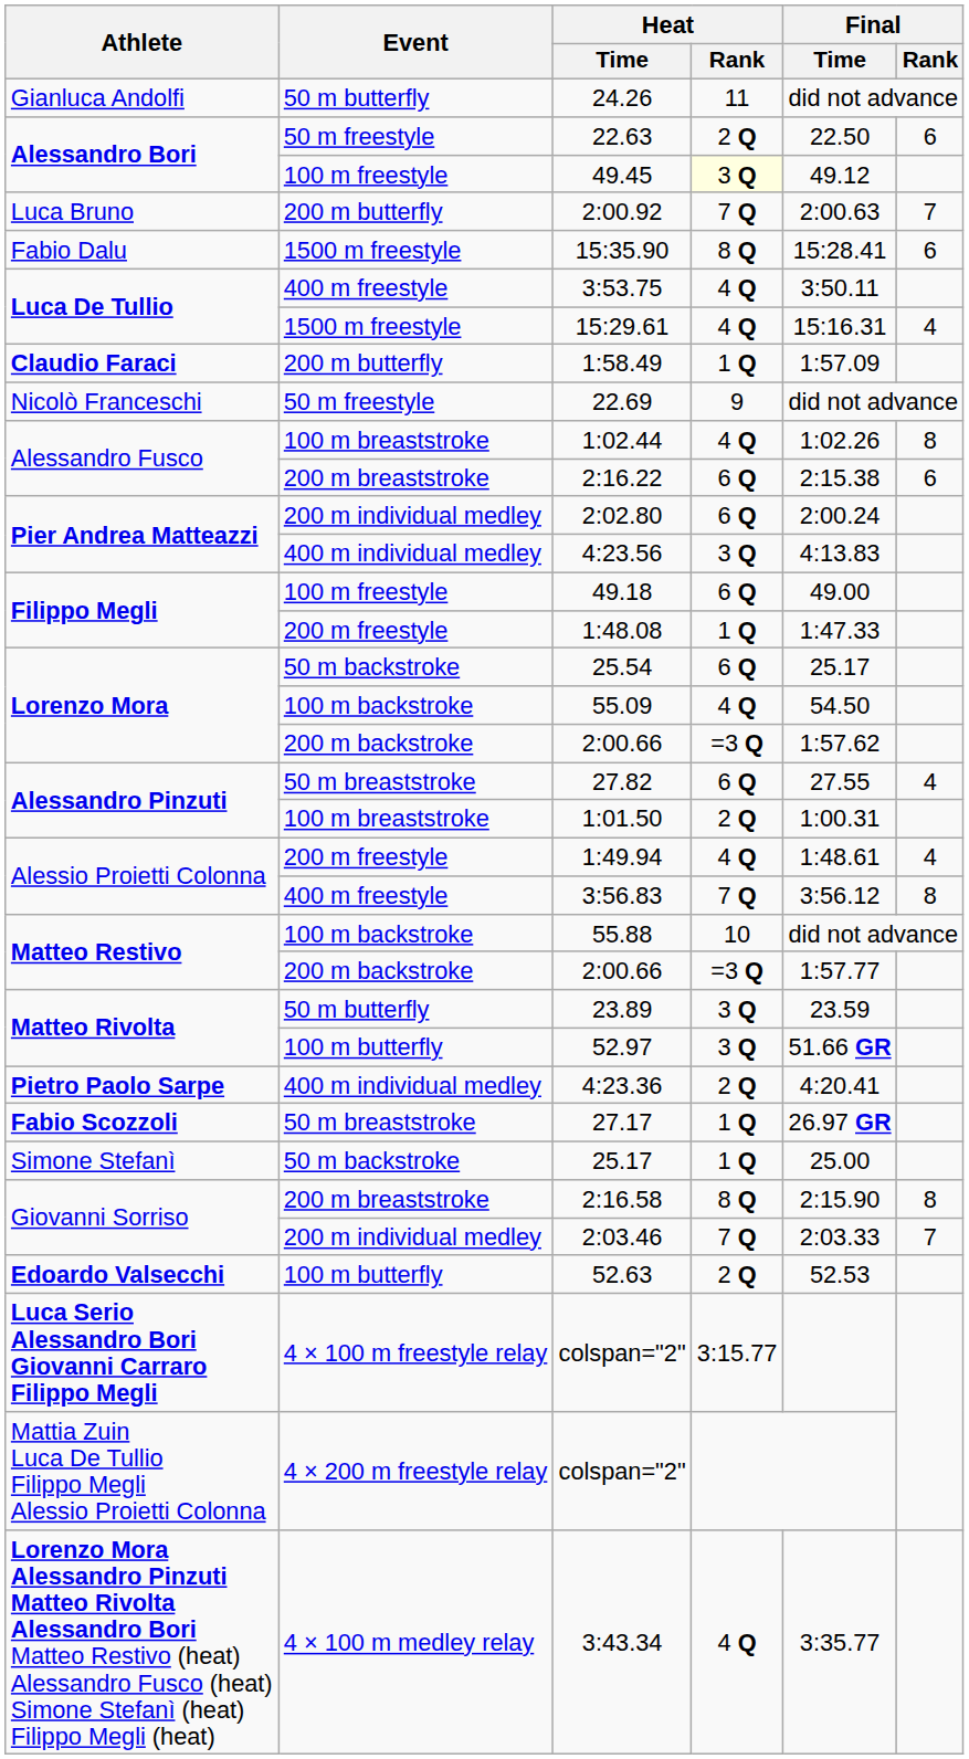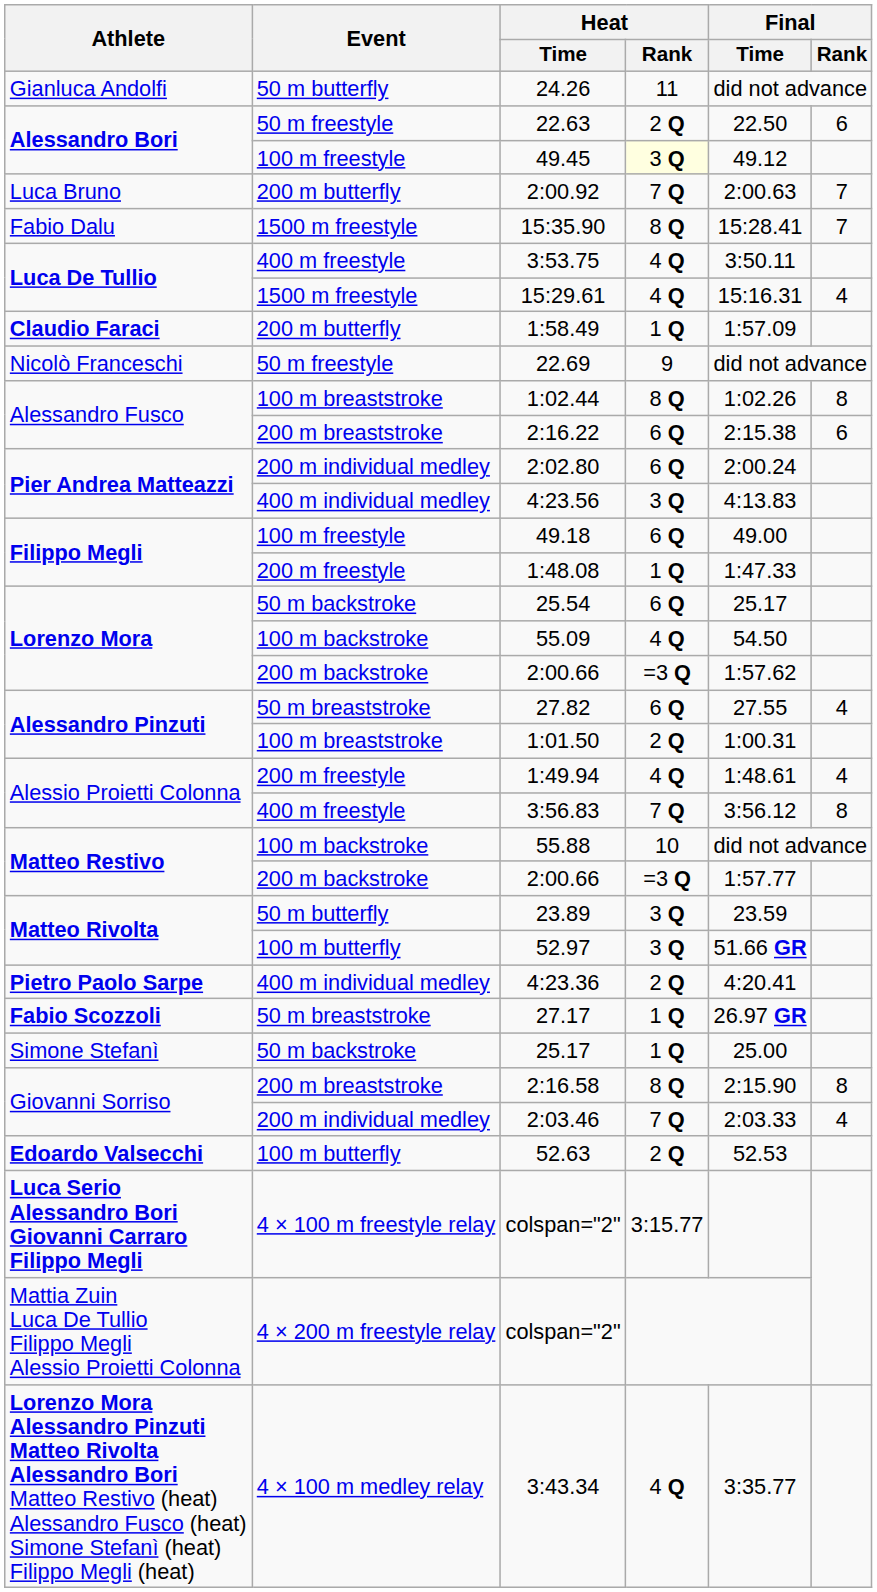 <table class=wikitable style="font-size:90%">
 <tr>
 <th rowspan="2">Athlete</th>
 <th rowspan="2">Event</th>
 <th colspan="2">Heat</th>
 <th colspan="2">Final</th>
 </tr>
 <tr style="font-size:95%">
 <th>Time</th>
 <th>Rank</th>
 <th>Time</th>
 <th>Rank</th>
 </tr>
 <tr align=center>
 <td align=left><a href='#'>Gianluca Andolfi</a></td>
 <td align=left><a href='#'>50 m butterfly</a></td>
 <td>24.26</td>
 <td>11</td>
 <td colspan="2">did not advance</td>
 </tr>
 <tr align=center>
 <td align=left rowspan="2"><strong><a href='#'>Alessandro Bori</a></strong></td>
 <td align=left><a href='#'>50 m freestyle</a></td>
 <td>22.63</td>
 <td>2 <strong>Q</strong></td>
 <td>22.50</td>
 <td>6</td>
 </tr>
 <tr align=center>
 <td align=left><a href='#'>100 m freestyle</a></td>
 <td>49.45</td>
 <td style="background: lightyellow;">3 <strong>Q</strong></td>
 <td>49.12</td>
 <td></td>
 </tr>
 <tr align=center>
 <td align=left><a href='#'>Luca Bruno</a></td>
 <td align=left><a href='#'>200 m butterfly</a></td>
 <td>2:00.92</td>
 <td>7 <strong>Q</strong></td>
 <td>2:00.63</td>
 <td>7</td>
 </tr>
 <tr align=center>
 <td align=left><a href='#'>Fabio Dalu</a></td>
 <td align=left><a href='#'>1500 m freestyle</a></td>
 <td>15:35.90</td>
 <td>8 <strong>Q</strong></td>
 <td>15:28.41</td>
-<td>6</td>
+<td>7</td>
 </tr>
 <tr align=center>
 <td align=left rowspan="2"><strong><a href='#'>Luca De Tullio</a></strong></td>
 <td align=left><a href='#'>400 m freestyle</a></td>
 <td>3:53.75</td>
 <td>4 <strong>Q</strong></td>
 <td>3:50.11</td>
 <td></td>
 </tr>
 <tr align=center>
 <td align=left><a href='#'>1500 m freestyle</a></td>
 <td>15:29.61</td>
 <td>4 <strong>Q</strong></td>
 <td>15:16.31</td>
 <td>4</td>
 </tr>
 <tr align=center>
 <td align=left><strong><a href='#'>Claudio Faraci</a></strong></td>
 <td align=left><a href='#'>200 m butterfly</a></td>
 <td>1:58.49</td>
 <td>1 <strong>Q</strong></td>
 <td>1:57.09</td>
 <td></td>
 </tr>
 <tr align=center>
 <td align=left><a href='#'>Nicolò Franceschi</a></td>
 <td align=left><a href='#'>50 m freestyle</a></td>
 <td>22.69</td>
 <td>9</td>
 <td colspan="2">did not advance</td>
 </tr>
 <tr align=center>
 <td align=left rowspan="2"><a href='#'>Alessandro Fusco</a></td>
 <td align=left><a href='#'>100 m breaststroke</a></td>
 <td>1:02.44</td>
-<td>4 <strong>Q</strong></td>
+<td>8 <strong>Q</strong></td>
 <td>1:02.26</td>
 <td>8</td>
 </tr>
 <tr align=center>
 <td align=left><a href='#'>200 m breaststroke</a></td>
 <td>2:16.22</td>
 <td>6 <strong>Q</strong></td>
 <td>2:15.38</td>
 <td>6</td>
 </tr>
 <tr align=center>
 <td align=left rowspan="2"><strong><a href='#'>Pier Andrea Matteazzi</a></strong></td>
 <td align=left><a href='#'>200 m individual medley</a></td>
 <td>2:02.80</td>
 <td>6 <strong>Q</strong></td>
 <td>2:00.24</td>
 <td></td>
 </tr>
 <tr align=center>
 <td align=left><a href='#'>400 m individual medley</a></td>
 <td>4:23.56</td>
 <td>3 <strong>Q</strong></td>
 <td>4:13.83</td>
 <td></td>
 </tr>
 <tr align=center>
 <td align=left rowspan="2"><strong><a href='#'>Filippo Megli</a></strong></td>
 <td align=left><a href='#'>100 m freestyle</a></td>
 <td>49.18</td>
 <td>6 <strong>Q</strong></td>
 <td>49.00</td>
 <td></td>
 </tr>
 <tr align=center>
 <td align=left><a href='#'>200 m freestyle</a></td>
 <td>1:48.08</td>
 <td>1 <strong>Q</strong></td>
 <td>1:47.33</td>
 <td></td>
 </tr>
 <tr align=center>
 <td align=left rowspan="3"><strong><a href='#'>Lorenzo Mora</a></strong></td>
 <td align=left><a href='#'>50 m backstroke</a></td>
 <td>25.54</td>
 <td>6 <strong>Q</strong></td>
 <td>25.17</td>
 <td></td>
 </tr>
 <tr align=center>
 <td align=left><a href='#'>100 m backstroke</a></td>
 <td>55.09</td>
 <td>4 <strong>Q</strong></td>
 <td>54.50</td>
 <td></td>
 </tr>
 <tr align=center>
 <td align=left><a href='#'>200 m backstroke</a></td>
 <td>2:00.66</td>
 <td>=3 <strong>Q</strong></td>
 <td>1:57.62</td>
 <td></td>
 </tr>
 <tr align=center>
 <td align=left rowspan="2"><strong><a href='#'>Alessandro Pinzuti</a></strong></td>
 <td align=left><a href='#'>50 m breaststroke</a></td>
 <td>27.82</td>
 <td>6 <strong>Q</strong></td>
 <td>27.55</td>
 <td>4</td>
 </tr>
 <tr align=center>
 <td align=left><a href='#'>100 m breaststroke</a></td>
 <td>1:01.50</td>
 <td>2 <strong>Q</strong></td>
 <td>1:00.31</td>
 <td></td>
 </tr>
 <tr align=center>
 <td align=left rowspan="2"><a href='#'>Alessio Proietti Colonna</a></td>
 <td align=left><a href='#'>200 m freestyle</a></td>
 <td>1:49.94</td>
 <td>4 <strong>Q</strong></td>
 <td>1:48.61</td>
 <td>4</td>
 </tr>
 <tr align=center>
 <td align=left><a href='#'>400 m freestyle</a></td>
 <td>3:56.83</td>
 <td>7 <strong>Q</strong></td>
 <td>3:56.12</td>
 <td>8</td>
 </tr>
 <tr align=center>
 <td align=left rowspan="2"><strong><a href='#'>Matteo Restivo</a></strong></td>
 <td align=left><a href='#'>100 m backstroke</a></td>
 <td>55.88</td>
 <td>10</td>
 <td colspan="2">did not advance</td>
 </tr>
 <tr align=center>
 <td align=left><a href='#'>200 m backstroke</a></td>
 <td>2:00.66</td>
 <td>=3 <strong>Q</strong></td>
 <td>1:57.77</td>
 <td></td>
 </tr>
 <tr align=center>
 <td align=left rowspan="2"><strong><a href='#'>Matteo Rivolta</a></strong></td>
 <td align=left><a href='#'>50 m butterfly</a></td>
 <td>23.89</td>
 <td>3 <strong>Q</strong></td>
 <td>23.59</td>
 <td></td>
 </tr>
 <tr align=center>
 <td align=left><a href='#'>100 m butterfly</a></td>
 <td>52.97</td>
 <td>3 <strong>Q</strong></td>
 <td>51.66 <strong><a href='#'>GR</a></strong></td>
 <td></td>
 </tr>
 <tr align=center>
 <td align=left><strong><a href='#'>Pietro Paolo Sarpe</a></strong></td>
 <td align=left><a href='#'>400 m individual medley</a></td>
 <td>4:23.36</td>
 <td>2 <strong>Q</strong></td>
 <td>4:20.41</td>
 <td></td>
 </tr>
 <tr align=center>
 <td align=left><strong><a href='#'>Fabio Scozzoli</a></strong></td>
 <td align=left><a href='#'>50 m breaststroke</a></td>
 <td>27.17</td>
 <td>1 <strong>Q</strong></td>
 <td>26.97 <strong><a href='#'>GR</a></strong></td>
 <td></td>
 </tr>
 <tr align=center>
 <td align=left><a href='#'>Simone Stefanì</a></td>
 <td align=left><a href='#'>50 m backstroke</a></td>
 <td>25.17</td>
 <td>1 <strong>Q</strong></td>
 <td>25.00</td>
 <td></td>
 </tr>
 <tr align=center>
 <td align=left rowspan="2"><a href='#'>Giovanni Sorriso</a></td>
 <td align=left><a href='#'>200 m breaststroke</a></td>
 <td>2:16.58</td>
 <td>8 <strong>Q</strong></td>
 <td>2:15.90</td>
 <td>8</td>
 </tr>
 <tr align=center>
 <td align=left><a href='#'>200 m individual medley</a></td>
 <td>2:03.46</td>
 <td>7 <strong>Q</strong></td>
 <td>2:03.33</td>
-<td>7</td>
+<td>4</td>
 </tr>
 <tr align=center>
 <td align=left><strong><a href='#'>Edoardo Valsecchi</a></strong></td>
 <td align=left><a href='#'>100 m butterfly</a></td>
 <td>52.63</td>
 <td>2 <strong>Q</strong></td>
 <td>52.53</td>
 <td></td>
 </tr>
 <tr align=center>
 <td align=left><strong><a href='#'>Luca Serio</a><br><a href='#'>Alessandro Bori</a><br><a href='#'>Giovanni Carraro</a><br><a href='#'>Filippo Megli</a></strong></td>
 <td align=left><a href='#'>4 × 100 m freestyle relay</a></td>
 <td>colspan="2" </td>
 <td>3:15.77</td>
 <td></td>
 </tr>
 <tr align=center>
 <td align=left><a href='#'>Mattia Zuin</a><br><a href='#'>Luca De Tullio</a><br><a href='#'>Filippo Megli</a><br><a href='#'>Alessio Proietti Colonna</a></td>
 <td align=left><a href='#'>4 × 200 m freestyle relay</a></td>
 <td>colspan="2" </td>
 <td colspan="2"></td>
 </tr>
 <tr align=center>
 <td align=left><strong><a href='#'>Lorenzo Mora</a><br><a href='#'>Alessandro Pinzuti</a><br><a href='#'>Matteo Rivolta</a><br><a href='#'>Alessandro Bori</a></strong><br><a href='#'>Matteo Restivo</a> (heat)<br><a href='#'>Alessandro Fusco</a> (heat)<br><a href='#'>Simone Stefanì</a> (heat)<br><a href='#'>Filippo Megli</a> (heat)</td>
 <td align=left><a href='#'>4 × 100 m medley relay</a></td>
 <td>3:43.34</td>
 <td>4 <strong>Q</strong></td>
 <td>3:35.77</td>
 <td></td>
 </tr>
 </table>
